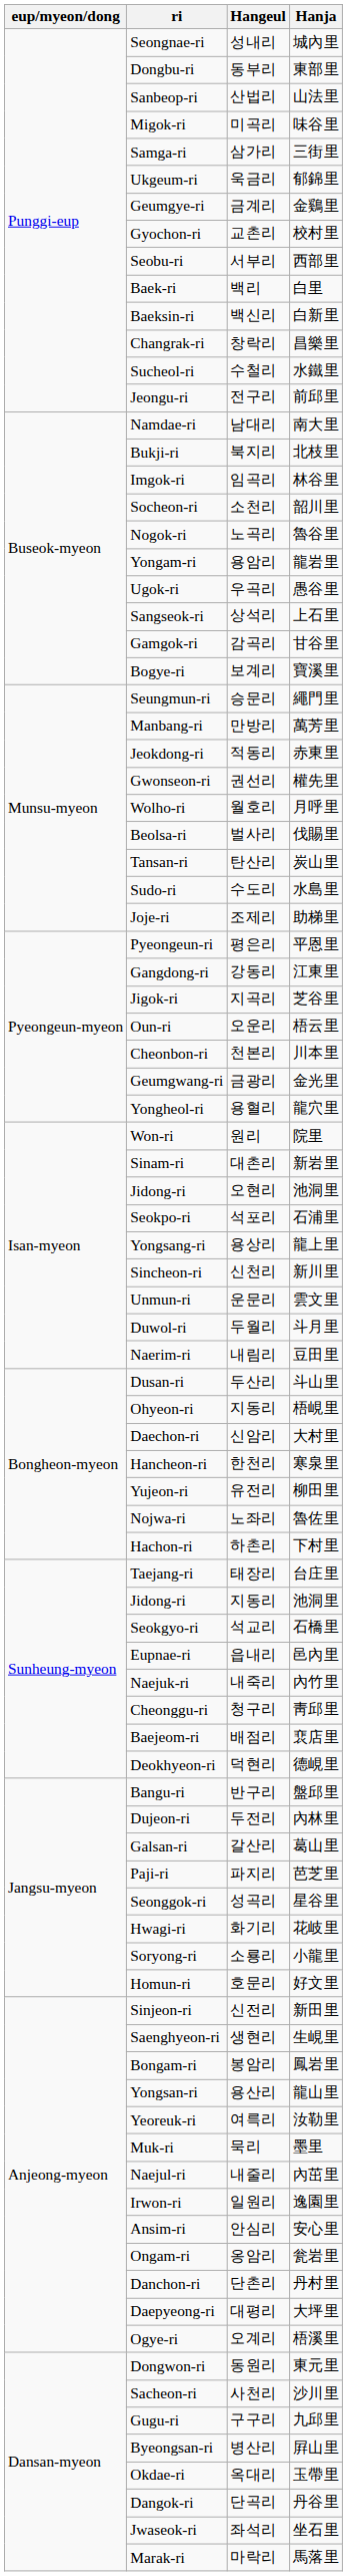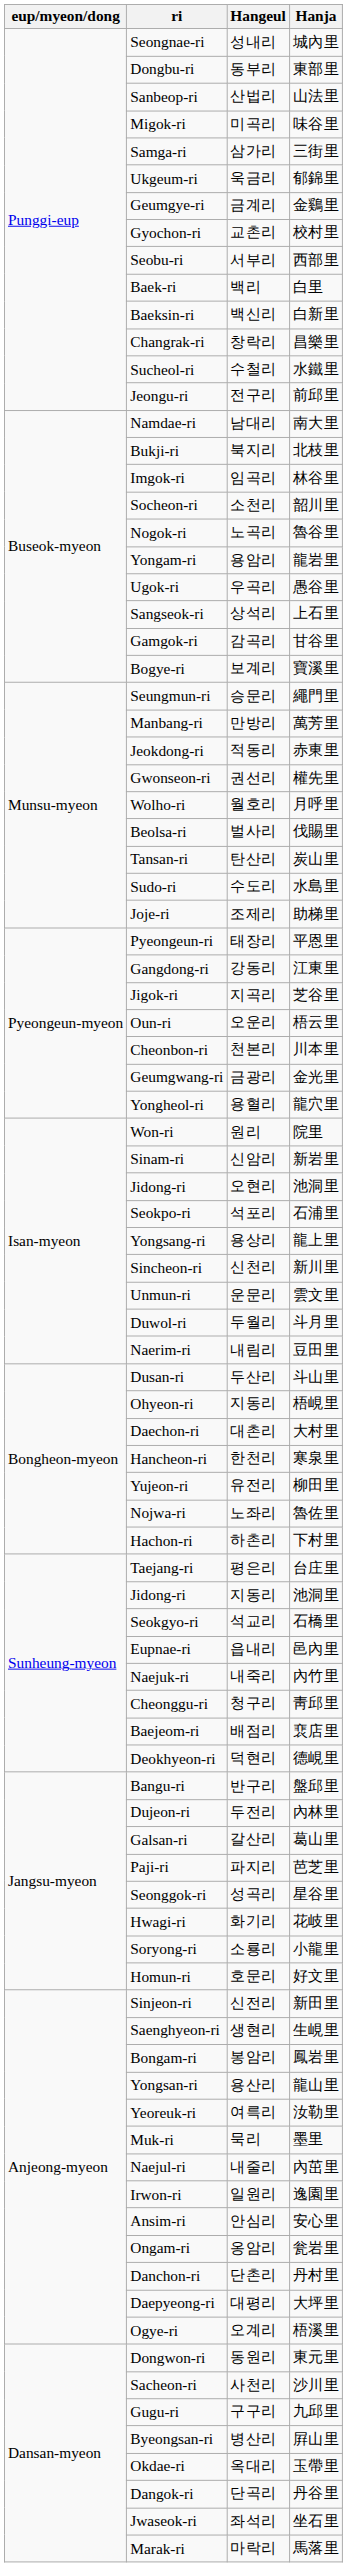 <table class="wikitable sortable">
 <tr>
 <th>eup/myeon/dong</th>
 <th>ri</th>
 <th>Hangeul</th>
 <th>Hanja</th>
 </tr>
 <tr>
 <td rowspan="14"><a href='#'>Punggi-eup</a></td>
 <td>Seongnae-ri</td>
 <td>성내리</td>
 <td>城內里</td>
 </tr>
 <tr>
 <td>Dongbu-ri</td>
 <td>동부리</td>
 <td>東部里</td>
 </tr>
 <tr>
 <td>Sanbeop-ri</td>
 <td>산법리</td>
 <td>山法里</td>
 </tr>
 <tr>
 <td>Migok-ri</td>
 <td>미곡리</td>
 <td>味谷里</td>
 </tr>
 <tr>
 <td>Samga-ri</td>
 <td>삼가리</td>
 <td>三街里</td>
 </tr>
 <tr>
 <td>Ukgeum-ri</td>
 <td>욱금리</td>
 <td>郁錦里</td>
 </tr>
 <tr>
 <td>Geumgye-ri</td>
 <td>금계리</td>
 <td>金鷄里</td>
 </tr>
 <tr>
 <td>Gyochon-ri</td>
 <td>교촌리</td>
 <td>校村里</td>
 </tr>
 <tr>
 <td>Seobu-ri</td>
 <td>서부리</td>
 <td>西部里</td>
 </tr>
 <tr>
 <td>Baek-ri</td>
 <td>백리</td>
 <td>白里</td>
 </tr>
 <tr>
 <td>Baeksin-ri</td>
 <td>백신리</td>
 <td>白新里</td>
 </tr>
 <tr>
 <td>Changrak-ri</td>
 <td>창락리</td>
 <td>昌樂里</td>
 </tr>
 <tr>
 <td>Sucheol-ri</td>
 <td>수철리</td>
 <td>水鐵里</td>
 </tr>
 <tr>
 <td>Jeongu-ri</td>
 <td>전구리</td>
 <td>前邱里</td>
 </tr>
 <tr>
 <td rowspan="10">Buseok-myeon</td>
 <td>Namdae-ri</td>
 <td>남대리</td>
 <td>南大里</td>
 </tr>
 <tr>
 <td>Bukji-ri</td>
 <td>북지리</td>
 <td>北枝里</td>
 </tr>
 <tr>
 <td>Imgok-ri</td>
 <td>임곡리</td>
 <td>林谷里</td>
 </tr>
 <tr>
 <td>Socheon-ri</td>
 <td>소천리</td>
 <td>韶川里</td>
 </tr>
 <tr>
 <td>Nogok-ri</td>
 <td>노곡리</td>
 <td>魯谷里</td>
 </tr>
 <tr>
 <td>Yongam-ri</td>
 <td>용암리</td>
 <td>龍岩里</td>
 </tr>
 <tr>
 <td>Ugok-ri</td>
 <td>우곡리</td>
 <td>愚谷里</td>
 </tr>
 <tr>
 <td>Sangseok-ri</td>
 <td>상석리</td>
 <td>上石里</td>
 </tr>
 <tr>
 <td>Gamgok-ri</td>
 <td>감곡리</td>
 <td>甘谷里</td>
 </tr>
 <tr>
 <td>Bogye-ri</td>
 <td>보계리</td>
 <td>寶溪里</td>
 </tr>
 <tr>
 <td rowspan="9">Munsu-myeon</td>
 <td>Seungmun-ri</td>
 <td>승문리</td>
 <td>繩門里</td>
 </tr>
 <tr>
 <td>Manbang-ri</td>
 <td>만방리</td>
 <td>萬芳里</td>
 </tr>
 <tr>
 <td>Jeokdong-ri</td>
 <td>적동리</td>
 <td>赤東里</td>
 </tr>
 <tr>
 <td>Gwonseon-ri</td>
 <td>권선리</td>
 <td>權先里</td>
 </tr>
 <tr>
 <td>Wolho-ri</td>
 <td>월호리</td>
 <td>月呼里</td>
 </tr>
 <tr>
 <td>Beolsa-ri</td>
 <td>벌사리</td>
 <td>伐賜里</td>
 </tr>
 <tr>
 <td>Tansan-ri</td>
 <td>탄산리</td>
 <td>炭山里</td>
 </tr>
 <tr>
 <td>Sudo-ri</td>
 <td>수도리</td>
 <td>水島里</td>
 </tr>
 <tr>
 <td>Joje-ri</td>
 <td>조제리</td>
 <td>助梯里</td>
 </tr>
 <tr>
 <td rowspan="7">Pyeongeun-myeon</td>
 <td>Pyeongeun-ri</td>
-<td>평은리</td>
+<td>태장리</td>
 <td>平恩里</td>
 </tr>
 <tr>
 <td>Gangdong-ri</td>
 <td>강동리</td>
 <td>江東里</td>
 </tr>
 <tr>
 <td>Jigok-ri</td>
 <td>지곡리</td>
 <td>芝谷里</td>
 </tr>
 <tr>
 <td>Oun-ri</td>
 <td>오운리</td>
 <td>梧云里</td>
 </tr>
 <tr>
 <td>Cheonbon-ri</td>
 <td>천본리</td>
 <td>川本里</td>
 </tr>
 <tr>
 <td>Geumgwang-ri</td>
 <td>금광리</td>
 <td>金光里</td>
 </tr>
 <tr>
 <td>Yongheol-ri</td>
 <td>용혈리</td>
 <td>龍穴里</td>
 </tr>
 <tr>
 <td rowspan="9">Isan-myeon</td>
 <td>Won-ri</td>
 <td>원리</td>
 <td>院里</td>
 </tr>
 <tr>
 <td>Sinam-ri</td>
-<td>대촌리</td>
+<td>신암리</td>
 <td>新岩里</td>
 </tr>
 <tr>
 <td>Jidong-ri</td>
 <td>오현리</td>
 <td>池洞里</td>
 </tr>
 <tr>
 <td>Seokpo-ri</td>
 <td>석포리</td>
 <td>石浦里</td>
 </tr>
 <tr>
 <td>Yongsang-ri</td>
 <td>용상리</td>
 <td>龍上里</td>
 </tr>
 <tr>
 <td>Sincheon-ri</td>
 <td>신천리</td>
 <td>新川里</td>
 </tr>
 <tr>
 <td>Unmun-ri</td>
 <td>운문리</td>
 <td>雲文里</td>
 </tr>
 <tr>
 <td>Duwol-ri</td>
 <td>두월리</td>
 <td>斗月里</td>
 </tr>
 <tr>
 <td>Naerim-ri</td>
 <td>내림리</td>
 <td>豆田里</td>
 </tr>
 <tr>
 <td rowspan="7">Bongheon-myeon</td>
 <td>Dusan-ri</td>
 <td>두산리</td>
 <td>斗山里</td>
 </tr>
 <tr>
 <td>Ohyeon-ri</td>
 <td>지동리</td>
 <td>梧峴里</td>
 </tr>
 <tr>
 <td>Daechon-ri</td>
-<td>신암리</td>
+<td>대촌리</td>
 <td>大村里</td>
 </tr>
 <tr>
 <td>Hancheon-ri</td>
 <td>한천리</td>
 <td>寒泉里</td>
 </tr>
 <tr>
 <td>Yujeon-ri</td>
 <td>유전리</td>
 <td>柳田里</td>
 </tr>
 <tr>
 <td>Nojwa-ri</td>
 <td>노좌리</td>
 <td>魯佐里</td>
 </tr>
 <tr>
 <td>Hachon-ri</td>
 <td>하촌리</td>
 <td>下村里</td>
 </tr>
 <tr>
 <td rowspan="8"><a href='#'>Sunheung-myeon</a></td>
 <td>Taejang-ri</td>
-<td>태장리</td>
+<td>평은리</td>
 <td>台庄里</td>
 </tr>
 <tr>
 <td>Jidong-ri</td>
 <td>지동리</td>
 <td>池洞里</td>
 </tr>
 <tr>
 <td>Seokgyo-ri</td>
 <td>석교리</td>
 <td>石橋里</td>
 </tr>
 <tr>
 <td>Eupnae-ri</td>
 <td>읍내리</td>
 <td>邑內里</td>
 </tr>
 <tr>
 <td>Naejuk-ri</td>
 <td>내죽리</td>
 <td>內竹里</td>
 </tr>
 <tr>
 <td>Cheonggu-ri</td>
 <td>청구리</td>
 <td>靑邱里</td>
 </tr>
 <tr>
 <td>Baejeom-ri</td>
 <td>배점리</td>
 <td>裵店里</td>
 </tr>
 <tr>
 <td>Deokhyeon-ri</td>
 <td>덕현리</td>
 <td>德峴里</td>
 </tr>
 <tr>
 <td rowspan="8">Jangsu-myeon</td>
 <td>Bangu-ri</td>
 <td>반구리</td>
 <td>盤邱里</td>
 </tr>
 <tr>
 <td>Dujeon-ri</td>
 <td>두전리</td>
 <td>內林里</td>
 </tr>
 <tr>
 <td>Galsan-ri</td>
 <td>갈산리</td>
 <td>葛山里</td>
 </tr>
 <tr>
 <td>Paji-ri</td>
 <td>파지리</td>
 <td>芭芝里</td>
 </tr>
 <tr>
 <td>Seonggok-ri</td>
 <td>성곡리</td>
 <td>星谷里</td>
 </tr>
 <tr>
 <td>Hwagi-ri</td>
 <td>화기리</td>
 <td>花岐里</td>
 </tr>
 <tr>
 <td>Soryong-ri</td>
 <td>소룡리</td>
 <td>小龍里</td>
 </tr>
 <tr>
 <td>Homun-ri</td>
 <td>호문리</td>
 <td>好文里</td>
 </tr>
 <tr>
 <td rowspan="13">Anjeong-myeon</td>
 <td>Sinjeon-ri</td>
 <td>신전리</td>
 <td>新田里</td>
 </tr>
 <tr>
 <td>Saenghyeon-ri</td>
 <td>생현리</td>
 <td>生峴里</td>
 </tr>
 <tr>
 <td>Bongam-ri</td>
 <td>봉암리</td>
 <td>鳳岩里</td>
 </tr>
 <tr>
 <td>Yongsan-ri</td>
 <td>용산리</td>
 <td>龍山里</td>
 </tr>
 <tr>
 <td>Yeoreuk-ri</td>
 <td>여륵리</td>
 <td>汝勒里</td>
 </tr>
 <tr>
 <td>Muk-ri</td>
 <td>묵리</td>
 <td>墨里</td>
 </tr>
 <tr>
 <td>Naejul-ri</td>
 <td>내줄리</td>
 <td>內茁里</td>
 </tr>
 <tr>
 <td>Irwon-ri</td>
 <td>일원리</td>
 <td>逸園里</td>
 </tr>
 <tr>
 <td>Ansim-ri</td>
 <td>안심리</td>
 <td>安心里</td>
 </tr>
 <tr>
 <td>Ongam-ri</td>
 <td>옹암리</td>
 <td>瓮岩里</td>
 </tr>
 <tr>
 <td>Danchon-ri</td>
 <td>단촌리</td>
 <td>丹村里</td>
 </tr>
 <tr>
 <td>Daepyeong-ri</td>
 <td>대평리</td>
 <td>大坪里</td>
 </tr>
 <tr>
 <td>Ogye-ri</td>
 <td>오계리</td>
 <td>梧溪里</td>
 </tr>
 <tr>
 <td rowspan="8">Dansan-myeon</td>
 <td>Dongwon-ri</td>
 <td>동원리</td>
 <td>東元里</td>
 </tr>
 <tr>
 <td>Sacheon-ri</td>
 <td>사천리</td>
 <td>沙川里</td>
 </tr>
 <tr>
 <td>Gugu-ri</td>
 <td>구구리</td>
 <td>九邱里</td>
 </tr>
 <tr>
 <td>Byeongsan-ri</td>
 <td>병산리</td>
 <td>屛山里</td>
 </tr>
 <tr>
 <td>Okdae-ri</td>
 <td>옥대리</td>
 <td>玉帶里</td>
 </tr>
 <tr>
 <td>Dangok-ri</td>
 <td>단곡리</td>
 <td>丹谷里</td>
 </tr>
 <tr>
 <td>Jwaseok-ri</td>
 <td>좌석리</td>
 <td>坐石里</td>
 </tr>
 <tr>
 <td>Marak-ri</td>
 <td>마락리</td>
 <td>馬落里</td>
 </tr>
 </table>
